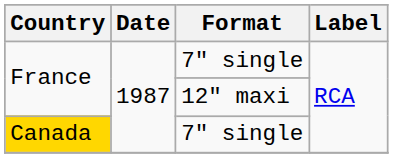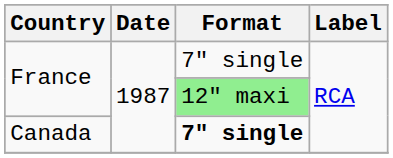 <table class=wikitable>
 <tr>
 <th>Country</th>
 <th>Date</th>
 <th>Format</th>
 <th>Label</th>
 </tr>
 <tr>
 <td rowspan="2">France</td>
 <td rowspan="3">1987</td>
 <td>7" single</td>
 <td rowspan="3"><a href='#'>RCA</a></td>
 </tr>
 <tr>
-<td>12" maxi</td>
+<td style="background: lightgreen;">12" maxi</td>
 </tr>
 <tr>
-<td style="background: gold;">Canada</td>
-<td>7" single</td>
+<td>Canada</td>
+<td><strong>7" single</strong></td>
 </tr>
 <tr>
 </tr>
 </table>
